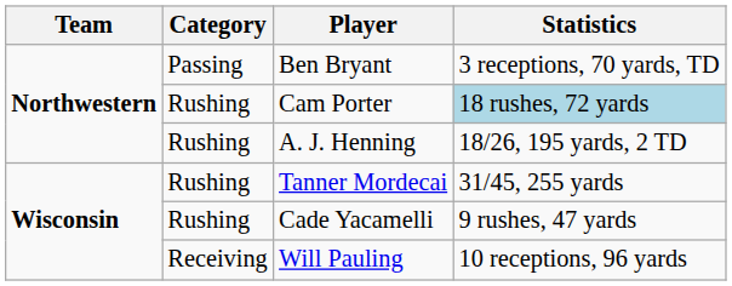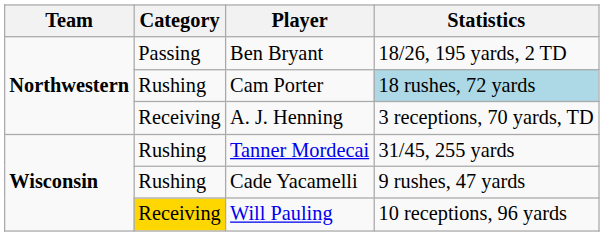 <table class="wikitable" style="float: left;">
 <tr>
 <th>Team</th>
 <th>Category</th>
 <th>Player</th>
 <th>Statistics</th>
 </tr>
 <tr>
 <td rowspan=3><strong>Northwestern</strong></td>
 <td>Passing</td>
 <td>Ben Bryant</td>
-<td>3 receptions, 70 yards, TD</td>
+<td>18/26, 195 yards, 2 TD</td>
 </tr>
 <tr>
 <td>Rushing</td>
 <td>Cam Porter</td>
 <td style="background: lightblue;">18 rushes, 72 yards</td>
 </tr>
 <tr>
-<td>Rushing</td>
+<td>Receiving</td>
 <td>A. J. Henning</td>
-<td>18/26, 195 yards, 2 TD</td>
+<td>3 receptions, 70 yards, TD</td>
 </tr>
 <tr>
 <td rowspan=3><strong>Wisconsin</strong></td>
 <td>Rushing</td>
 <td><a href='#'>Tanner Mordecai</a></td>
 <td>31/45, 255 yards</td>
 </tr>
 <tr>
 <td>Rushing</td>
 <td>Cade Yacamelli</td>
 <td>9 rushes, 47 yards</td>
 </tr>
 <tr>
-<td>Receiving</td>
+<td style="background: gold;">Receiving</td>
 <td><a href='#'>Will Pauling</a></td>
 <td>10 receptions, 96 yards</td>
 </tr>
 </table>
